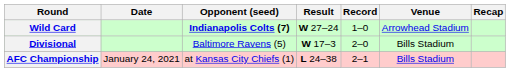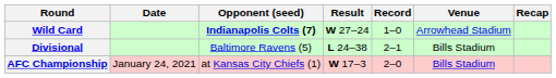 <table class="wikitable" style="text-align:center">
 <tr>
 <th>Round</th>
 <th>Date</th>
 <th>Opponent (seed)</th>
 <th>Result</th>
 <th>Record</th>
 <th>Venue</th>
 <th>Recap</th>
 </tr>
 <tr style="background:#cfc">
 <th><a href='#'>Wild Card</a></th>
 <td></td>
 <td><strong><a href='#'>Indianapolis Colts</a> (7)</strong></td>
 <td><strong>W</strong> 27–24</td>
 <td>1–0</td>
 <td><a href='#'>Arrowhead Stadium</a></td>
 <td></td>
 </tr>
 <tr style="background:#cfc">
 <th><a href='#'>Divisional</a></th>
 <td></td>
 <td><a href='#'>Baltimore Ravens</a> (5)</td>
-<td><strong>W</strong> 17–3</td>
-<td>2–0</td>
+<td><strong>L</strong> 24–38</td>
+<td>2–1</td>
 <td>Bills Stadium</td>
 <td></td>
 </tr>
 <tr style="background:#fcc">
 <th><a href='#'>AFC Championship</a></th>
 <td>January 24, 2021</td>
 <td>at <a href='#'>Kansas City Chiefs</a> (1)</td>
-<td><strong>L</strong> 24–38</td>
-<td>2–1</td>
+<td><strong>W</strong> 17–3</td>
+<td>2–0</td>
 <td><a href='#'>Bills Stadium</a></td>
 <td></td>
 </tr>
 </table>
